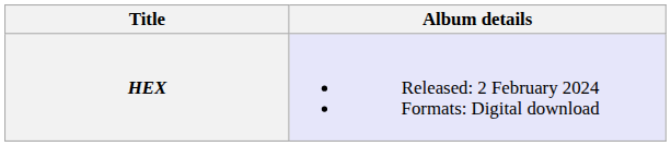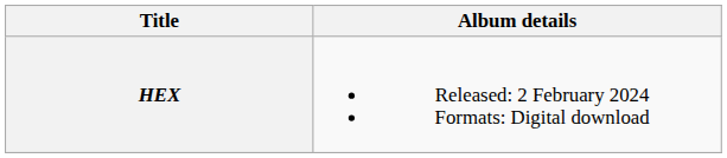 <table class="wikitable plainrowheaders" style="text-align:center">
 <tr>
 <th scope="col" style="width:15em;">Title</th>
 <th scope="col" style="width:20em;">Album details</th>
 </tr>
 <tr>
 <th scope="row"><em>HEX</em></th>
-<td style="background: lavender;"><br><ul><li>Released: 2 February 2024</li><li>Formats: Digital download</li></ul></td>
+<td><br><ul><li>Released: 2 February 2024</li><li>Formats: Digital download</li></ul></td>
 </tr>
 <tr>
 </tr>
 </table>
